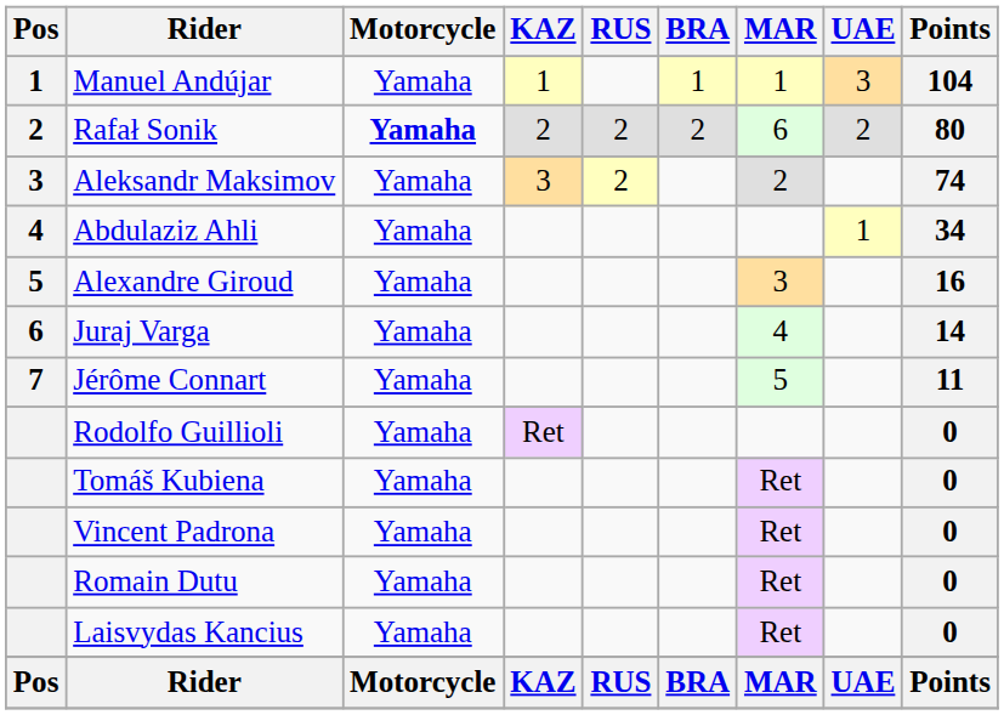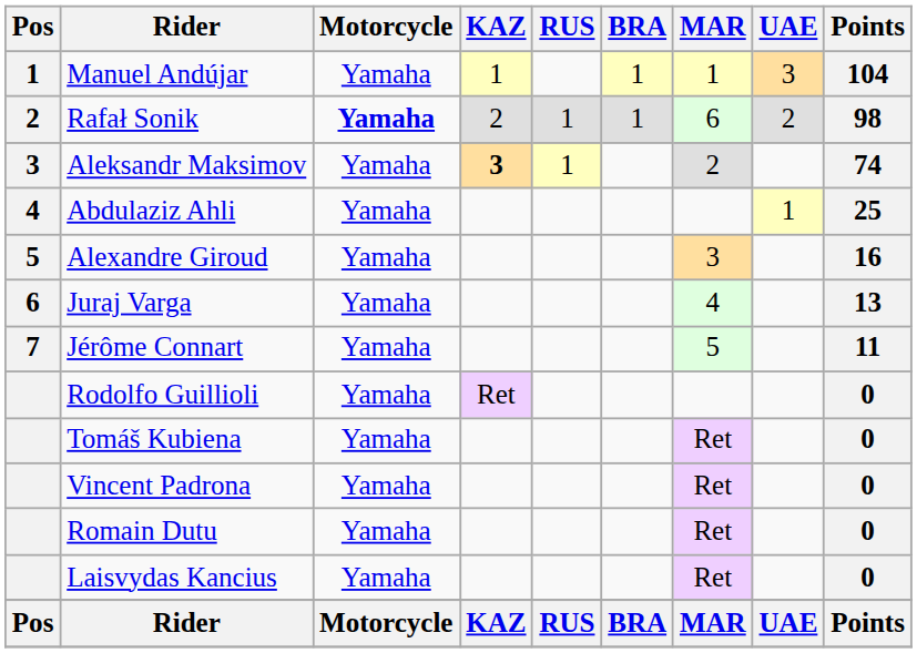 <table class="wikitable" style="font-size: 85%; text-align: center; display: inline-table;">
 <tr valign="top">
 <th valign="middle">Pos</th>
 <th valign="middle">Rider</th>
 <th valign="middle">Motorcycle</th>
 <th><a href='#'>KAZ</a><br></th>
 <th><a href='#'>RUS</a><br></th>
 <th><a href='#'>BRA</a><br></th>
 <th><a href='#'>MAR</a><br></th>
 <th><a href='#'>UAE</a><br></th>
 <th valign="middle">Points</th>
 </tr>
 <tr>
 <th>1</th>
 <td align=left> <a href='#'>Manuel Andújar</a></td>
 <td><a href='#'>Yamaha</a></td>
 <td style="background:#ffffbf;">1</td>
 <td></td>
 <td style="background:#ffffbf;">1</td>
 <td style="background:#ffffbf;">1</td>
 <td style="background:#ffdf9f;">3</td>
 <th>104</th>
 </tr>
 <tr>
 <th>2</th>
 <td align=left> <a href='#'>Rafał Sonik</a></td>
 <td><strong><a href='#'>Yamaha</a></strong></td>
 <td style="background:#dfdfdf;">2</td>
-<td style="background:#dfdfdf;">2</td>
-<td style="background:#dfdfdf;">2</td>
+<td style="background:#dfdfdf;">1</td>
+<td style="background:#dfdfdf;">1</td>
 <td style="background:#dfffdf;">6</td>
 <td style="background:#dfdfdf;">2</td>
-<th>80</th>
+<th>98</th>
 </tr>
 <tr>
 <th>3</th>
 <td align=left> <a href='#'>Aleksandr Maksimov</a></td>
 <td><a href='#'>Yamaha</a></td>
-<td style="background:#ffdf9f;">3</td>
-<td style="background:#ffffbf;">2</td>
+<td style="background:#ffdf9f;"><strong>3</strong></td>
+<td style="background:#ffffbf;">1</td>
 <td></td>
 <td style="background:#dfdfdf;">2</td>
 <td></td>
 <th>74</th>
 </tr>
 <tr>
 <th>4</th>
 <td align=left> <a href='#'>Abdulaziz Ahli</a></td>
 <td><a href='#'>Yamaha</a></td>
 <td></td>
 <td></td>
 <td></td>
 <td></td>
 <td style="background:#ffffbf;">1</td>
-<th>34</th>
+<th>25</th>
 </tr>
 <tr>
 <th>5</th>
 <td align=left> <a href='#'>Alexandre Giroud</a></td>
 <td><a href='#'>Yamaha</a></td>
 <td></td>
 <td></td>
 <td></td>
 <td style="background:#ffdf9f;">3</td>
 <td></td>
 <th>16</th>
 </tr>
 <tr>
 <th>6</th>
 <td align=left> <a href='#'>Juraj Varga</a></td>
 <td><a href='#'>Yamaha</a></td>
 <td></td>
 <td></td>
 <td></td>
 <td style="background:#dfffdf;">4</td>
 <td></td>
-<th>14</th>
+<th>13</th>
 </tr>
 <tr>
 <th>7</th>
 <td align=left> <a href='#'>Jérôme Connart</a></td>
 <td><a href='#'>Yamaha</a></td>
 <td></td>
 <td></td>
 <td></td>
 <td style="background:#dfffdf;">5</td>
 <td></td>
 <th>11</th>
 </tr>
 <tr>
 <th></th>
 <td align=left> <a href='#'>Rodolfo Guillioli</a></td>
 <td><a href='#'>Yamaha</a></td>
 <td style="background:#efcfff;">Ret</td>
 <td></td>
 <td></td>
 <td></td>
 <td></td>
 <th>0</th>
 </tr>
 <tr>
 <th></th>
 <td align=left> <a href='#'>Tomáš Kubiena</a></td>
 <td><a href='#'>Yamaha</a></td>
 <td></td>
 <td></td>
 <td></td>
 <td style="background:#efcfff;">Ret</td>
 <td></td>
 <th>0</th>
 </tr>
 <tr>
 <th></th>
 <td align=left> <a href='#'>Vincent Padrona</a></td>
 <td><a href='#'>Yamaha</a></td>
 <td></td>
 <td></td>
 <td></td>
 <td style="background:#efcfff;">Ret</td>
 <td></td>
 <th>0</th>
 </tr>
 <tr>
 <th></th>
 <td align=left> <a href='#'>Romain Dutu</a></td>
 <td><a href='#'>Yamaha</a></td>
 <td></td>
 <td></td>
 <td></td>
 <td style="background:#efcfff;">Ret</td>
 <td></td>
 <th>0</th>
 </tr>
 <tr>
 <th></th>
 <td align=left> <a href='#'>Laisvydas Kancius</a></td>
 <td><a href='#'>Yamaha</a></td>
 <td></td>
 <td></td>
 <td></td>
 <td style="background:#efcfff;">Ret</td>
 <td></td>
 <th>0</th>
 </tr>
 <tr>
 </tr>
 <tr valign="top">
 <th valign="middle">Pos</th>
 <th valign="middle">Rider</th>
 <th valign="middle">Motorcycle</th>
 <th><a href='#'>KAZ</a><br></th>
 <th><a href='#'>RUS</a><br></th>
 <th><a href='#'>BRA</a><br></th>
 <th><a href='#'>MAR</a><br></th>
 <th><a href='#'>UAE</a><br></th>
 <th valign="middle">Points</th>
 </tr>
 <tr>
 </tr>
 </table>
